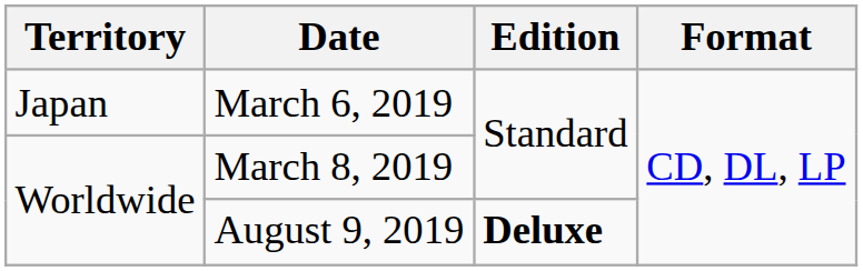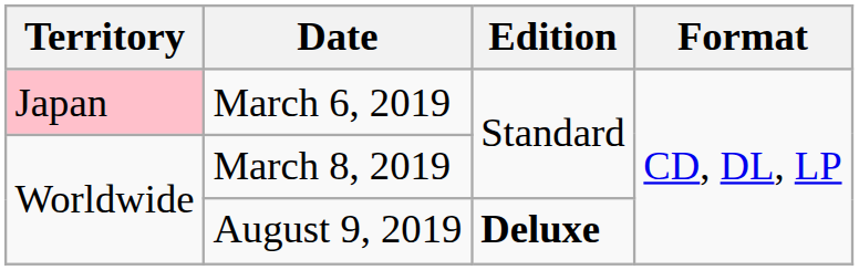 <table class="wikitable plainrowheaders" border="1">
 <tr>
 <th scope="col">Territory</th>
 <th scope="col">Date</th>
 <th scope="col">Edition</th>
 <th scope="col">Format</th>
 </tr>
 <tr>
-<td>Japan</td>
+<td style="background: pink;">Japan</td>
 <td>March 6, 2019</td>
 <td rowspan="2">Standard</td>
 <td rowspan="3"><a href='#'>CD</a>, <a href='#'>DL</a>, <a href='#'>LP</a></td>
 </tr>
 <tr>
 <td rowspan="2">Worldwide</td>
 <td>March 8, 2019</td>
 </tr>
 <tr>
 <td>August 9, 2019</td>
 <td><strong>Deluxe</strong></td>
 </tr>
 </table>
